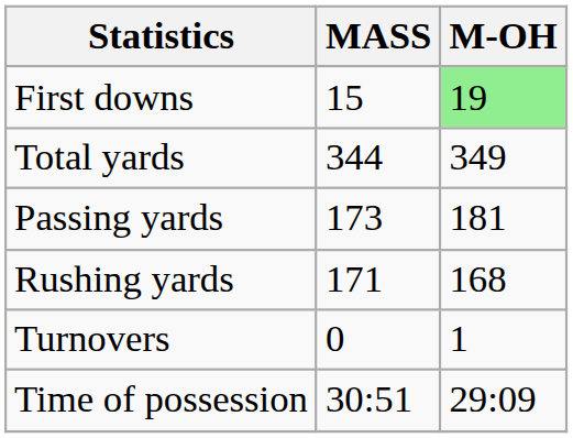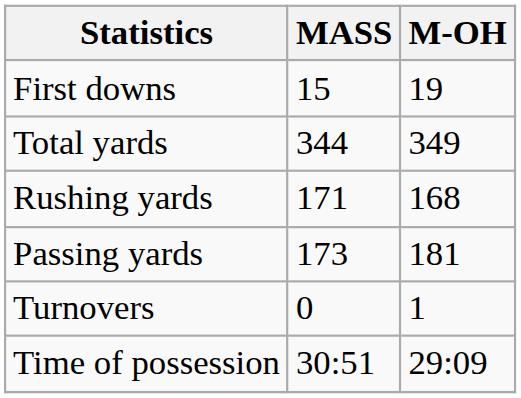 <table class="wikitable" style="float: left;">
 <tr>
 <th>Statistics</th>
 <th>MASS</th>
 <th>M-OH</th>
 </tr>
 <tr>
 <td>First downs</td>
 <td>15</td>
-<td style="background: lightgreen;">19</td>
+<td>19</td>
 </tr>
 <tr>
 <td>Total yards</td>
 <td>344</td>
 <td>349</td>
 </tr>
 <tr>
+<td>Rushing yards</td>
+<td>171</td>
+<td>168</td>
+</tr>
+<tr>
 <td>Passing yards</td>
 <td>173</td>
 <td>181</td>
-</tr>
-<tr>
-<td>Rushing yards</td>
-<td>171</td>
-<td>168</td>
 </tr>
 <tr>
 <td>Turnovers</td>
 <td>0</td>
 <td>1</td>
 </tr>
 <tr>
 <td>Time of possession</td>
 <td>30:51</td>
 <td>29:09</td>
 </tr>
 <tr>
 </tr>
 </table>
